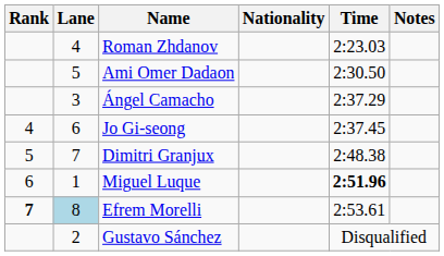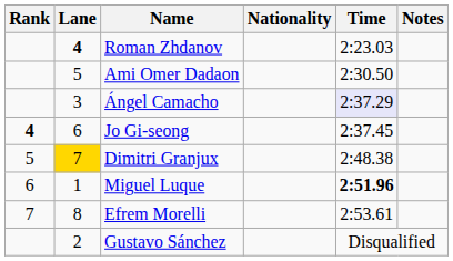 <table class="wikitable sortable" style="text-align:center">
 <tr>
 <th>Rank</th>
 <th>Lane</th>
 <th>Name</th>
 <th>Nationality</th>
 <th>Time</th>
 <th>Notes</th>
 </tr>
 <tr>
 <td></td>
-<td>4</td>
+<td><strong>4</strong></td>
 <td align=left><a href='#'>Roman Zhdanov</a></td>
 <td align=left></td>
 <td>2:23.03</td>
 <td></td>
 </tr>
 <tr>
 <td></td>
 <td>5</td>
 <td align=left><a href='#'>Ami Omer Dadaon</a></td>
 <td align=left></td>
 <td>2:30.50</td>
 <td></td>
 </tr>
 <tr>
 <td></td>
 <td>3</td>
 <td align=left><a href='#'>Ángel Camacho</a></td>
 <td align=left></td>
-<td>2:37.29</td>
+<td style="background: lavender;">2:37.29</td>
 <td></td>
 </tr>
 <tr>
-<td>4</td>
+<td><strong>4</strong></td>
 <td>6</td>
 <td align=left><a href='#'>Jo Gi-seong</a></td>
 <td align=left></td>
 <td>2:37.45</td>
 <td></td>
 </tr>
 <tr>
 <td>5</td>
-<td>7</td>
+<td style="background: gold;">7</td>
 <td align=left><a href='#'>Dimitri Granjux</a></td>
 <td align=left></td>
 <td>2:48.38</td>
 <td></td>
 </tr>
 <tr>
 <td>6</td>
 <td>1</td>
 <td align=left><a href='#'>Miguel Luque</a></td>
 <td align=left></td>
 <td><strong>2:51.96</strong></td>
 <td></td>
 </tr>
 <tr>
-<td><strong>7</strong></td>
-<td style="background: lightblue;">8</td>
+<td>7</td>
+<td>8</td>
 <td align=left><a href='#'>Efrem Morelli</a></td>
 <td align=left></td>
 <td>2:53.61</td>
 <td></td>
 </tr>
 <tr>
 <td></td>
 <td>2</td>
 <td align=left><a href='#'>Gustavo Sánchez</a></td>
 <td align=left></td>
 <td colspan=2>Disqualified</td>
 </tr>
 </table>
